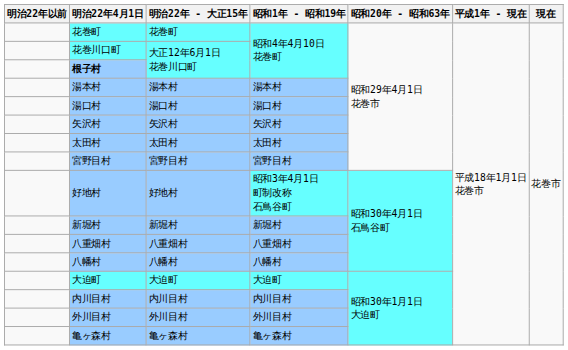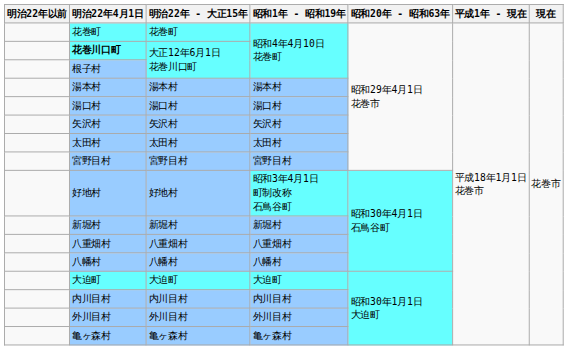 <table class="wikitable" style="font-size:x-small">
 <tr>
 <th>明治22年以前</th>
 <th>明治22年4月1日</th>
 <th>明治22年 - 大正15年</th>
 <th>昭和1年 - 昭和19年</th>
 <th>昭和20年 - 昭和63年</th>
 <th>平成1年 - 現在</th>
 <th>現在</th>
 </tr>
 <tr>
 <td></td>
 <td style="background-color:#6ff;">花巻町</td>
 <td style="background-color:#6ff;">花巻町</td>
 <td rowspan="3" style="background-color:#6ff;">昭和4年4月10日<br>花巻町</td>
 <td rowspan="8">昭和29年4月1日<br>花巻市</td>
 <td rowspan="16">平成18年1月1日<br>花巻市</td>
 <td rowspan="16">花巻市</td>
 </tr>
 <tr>
 <td></td>
-<td style="background-color:#6ff;">花巻川口町</td>
+<td style="background-color:#6ff;"><strong>花巻川口町</strong></td>
 <td rowspan="2" style="background-color:#6ff;">大正12年6月1日<br>花巻川口町</td>
 </tr>
 <tr>
 <td></td>
-<td style="background-color:#9cf;"><strong>根子村</strong></td>
+<td style="background-color:#9cf;">根子村</td>
 </tr>
 <tr>
 <td></td>
 <td style="background-color:#9cf;">湯本村</td>
 <td style="background-color:#9cf;">湯本村</td>
 <td style="background-color:#9cf;">湯本村</td>
 </tr>
 <tr>
 <td></td>
 <td style="background-color:#9cf;">湯口村</td>
 <td style="background-color:#9cf;">湯口村</td>
 <td style="background-color:#9cf;">湯口村</td>
 </tr>
 <tr>
 <td></td>
 <td style="background-color:#9cf;">矢沢村</td>
 <td style="background-color:#9cf;">矢沢村</td>
 <td style="background-color:#9cf;">矢沢村</td>
 </tr>
 <tr>
 <td></td>
 <td style="background-color:#9cf;">太田村</td>
 <td style="background-color:#9cf;">太田村</td>
 <td style="background-color:#9cf;">太田村</td>
 </tr>
 <tr>
 <td></td>
 <td style="background-color:#9cf;">宮野目村</td>
 <td style="background-color:#9cf;">宮野目村</td>
 <td style="background-color:#9cf;">宮野目村</td>
 </tr>
 <tr>
 <td></td>
 <td style="background-color:#9cf;">好地村</td>
 <td style="background-color:#9cf;">好地村</td>
 <td style="background-color:#6ff;">昭和3年4月1日<br>町制改称<br>石鳥谷町</td>
 <td rowspan="4" style="background-color:#6ff;">昭和30年4月1日<br>石鳥谷町</td>
 </tr>
 <tr>
 <td></td>
 <td style="background-color:#9cf;">新堀村</td>
 <td style="background-color:#9cf;">新堀村</td>
 <td style="background-color:#9cf;">新堀村</td>
 </tr>
 <tr>
 <td></td>
 <td style="background-color:#9cf;">八重畑村</td>
 <td style="background-color:#9cf;">八重畑村</td>
 <td style="background-color:#9cf;">八重畑村</td>
 </tr>
 <tr>
 <td></td>
 <td style="background-color:#9cf;">八幡村</td>
 <td style="background-color:#9cf;">八幡村</td>
 <td style="background-color:#9cf;">八幡村</td>
 </tr>
 <tr>
 <td></td>
 <td style="background-color:#6ff;">大迫町</td>
 <td style="background-color:#6ff;">大迫町</td>
 <td style="background-color:#6ff;">大迫町</td>
 <td rowspan="4" style="background-color:#6ff;">昭和30年1月1日<br>大迫町</td>
 </tr>
 <tr>
 <td></td>
 <td style="background-color:#9cf;">内川目村</td>
 <td style="background-color:#9cf;">内川目村</td>
 <td style="background-color:#9cf;">内川目村</td>
 </tr>
 <tr>
 <td></td>
 <td style="background-color:#9cf;">外川目村</td>
 <td style="background-color:#9cf;">外川目村</td>
 <td style="background-color:#9cf;">外川目村</td>
 </tr>
 <tr>
 <td></td>
 <td style="background-color:#9cf;">亀ヶ森村</td>
 <td style="background-color:#9cf;">亀ヶ森村</td>
 <td style="background-color:#9cf;">亀ヶ森村</td>
 </tr>
 </table>
